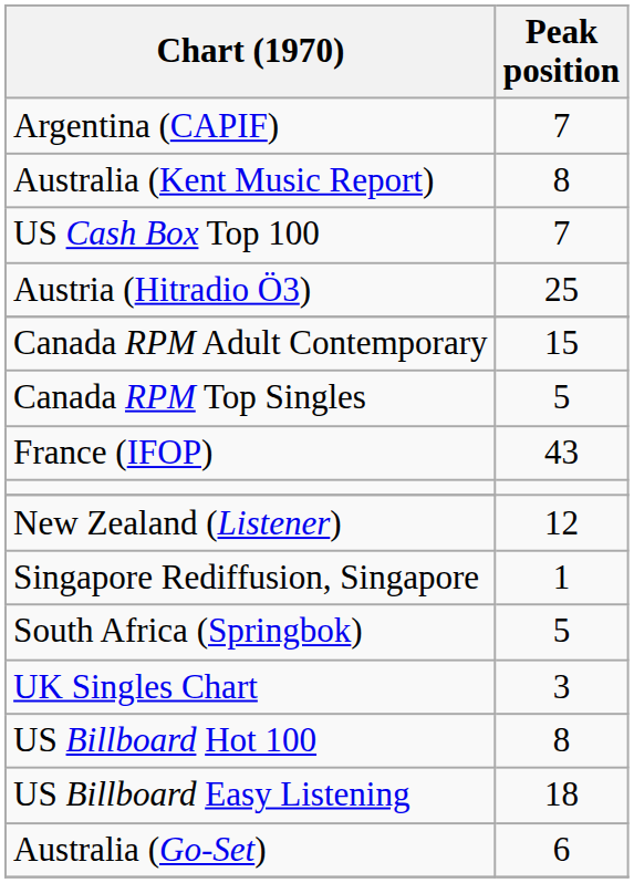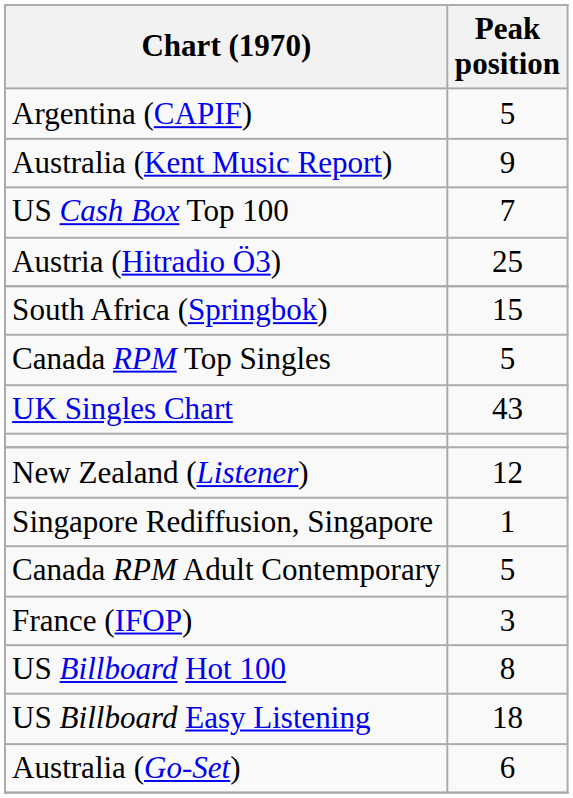 <table class="wikitable sortable">
 <tr>
 <th>Chart (1970)</th>
 <th>Peak<br>position</th>
 </tr>
 <tr>
 <td>Argentina (<a href='#'>CAPIF</a>) </td>
-<td style="text-align:center;">7</td>
+<td style="text-align:center;">5</td>
 </tr>
 <tr>
 <td>Australia (<a href='#'>Kent Music Report</a>)</td>
-<td style="text-align:center;">8</td>
+<td style="text-align:center;">9</td>
 </tr>
 <tr>
 <td>US <a href='#'><em>Cash Box</em></a> Top 100</td>
 <td style="text-align:center;">7</td>
 </tr>
 <tr>
 <td>Austria (<a href='#'>Hitradio Ö3</a>)</td>
 <td style="text-align:center;">25</td>
 </tr>
 <tr>
 </tr>
 <tr>
 </tr>
 <tr>
-<td>Canada <em>RPM</em> Adult Contemporary</td>
+<td>South Africa (<a href='#'>Springbok</a>)</td>
 <td style="text-align:center;">15</td>
 </tr>
 <tr>
 <td>Canada <em><a href='#'>RPM</a></em> Top Singles</td>
 <td style="text-align:center;">5</td>
 </tr>
 <tr>
-<td>France (<a href='#'>IFOP</a>)</td>
+<td><a href='#'>UK Singles Chart</a></td>
 <td style="text-align:center;">43</td>
 </tr>
 <tr>
 <td></td>
 </tr>
 <tr>
 </tr>
 <tr>
 </tr>
 <tr>
 <td>New Zealand (<em><a href='#'>Listener</a></em>)</td>
 <td style="text-align:center;">12</td>
 </tr>
 <tr>
 <td>Singapore Rediffusion, Singapore</td>
 <td align="center">1</td>
 </tr>
 <tr>
-<td>South Africa (<a href='#'>Springbok</a>)</td>
+<td>Canada <em>RPM</em> Adult Contemporary</td>
 <td align="center">5</td>
 </tr>
 <tr>
-<td><a href='#'>UK Singles Chart</a></td>
+<td>France (<a href='#'>IFOP</a>)</td>
 <td style="text-align:center;">3</td>
 </tr>
 <tr>
 <td>US <em><a href='#'>Billboard</a></em> <a href='#'>Hot 100</a></td>
 <td style="text-align:center;">8</td>
 </tr>
 <tr>
 <td>US <em>Billboard</em> <a href='#'>Easy Listening</a></td>
 <td style="text-align:center;">18</td>
 </tr>
 <tr>
 <td>Australia (<em><a href='#'>Go-Set</a></em>)</td>
 <td align="center">6</td>
 </tr>
 <tr>
 </tr>
 </table>
